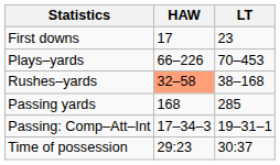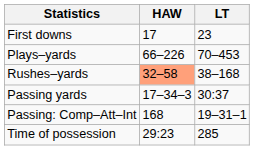 <table class="wikitable">
 <tr>
 <th>Statistics</th>
 <th>HAW</th>
 <th>LT</th>
 </tr>
 <tr>
 <td>First downs</td>
 <td>17</td>
 <td>23</td>
 </tr>
 <tr>
 <td>Plays–yards</td>
 <td>66–226</td>
 <td>70–453</td>
 </tr>
 <tr>
 <td>Rushes–yards</td>
 <td style="background: lightsalmon;">32–58</td>
 <td>38–168</td>
 </tr>
 <tr>
 <td>Passing yards</td>
-<td>168</td>
-<td>285</td>
+<td>17–34–3</td>
+<td>30:37</td>
 </tr>
 <tr>
 <td>Passing: Comp–Att–Int</td>
-<td>17–34–3</td>
+<td>168</td>
 <td>19–31–1</td>
 </tr>
 <tr>
 <td>Time of possession</td>
 <td>29:23</td>
-<td>30:37</td>
+<td>285</td>
 </tr>
 </table>
